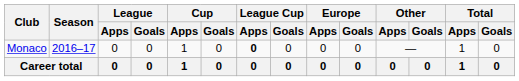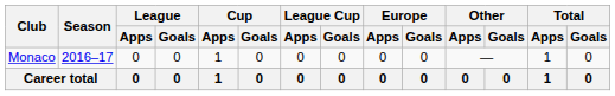 <table class="wikitable" style="font-size:100%; text-align: center;">
 <tr>
 <th rowspan="2">Club</th>
 <th rowspan="2">Season</th>
 <th colspan="2">League</th>
 <th colspan="2">Cup</th>
 <th colspan="2">League Cup</th>
 <th colspan="2">Europe</th>
 <th colspan="2">Other</th>
 <th colspan="2">Total</th>
 </tr>
 <tr>
 <th>Apps</th>
 <th>Goals</th>
 <th>Apps</th>
 <th>Goals</th>
 <th>Apps</th>
 <th>Goals</th>
 <th>Apps</th>
 <th>Goals</th>
 <th>Apps</th>
 <th>Goals</th>
 <th>Apps</th>
 <th>Goals</th>
 </tr>
 <tr>
 <td rowspan="1" valign="center"><a href='#'>Monaco</a></td>
 <td><a href='#'>2016–17</a></td>
 <td>0</td>
 <td>0</td>
 <td>1</td>
 <td>0</td>
-<td><strong>0</strong></td>
+<td>0</td>
 <td>0</td>
 <td>0</td>
 <td>0</td>
 <td colspan="2">—</td>
 <td>1</td>
 <td>0</td>
 </tr>
 <tr>
 <th colspan="2">Career total</th>
 <th>0</th>
 <th>0</th>
 <th>1</th>
 <th>0</th>
 <th>0</th>
 <th>0</th>
 <th>0</th>
 <th>0</th>
 <th>0</th>
 <th>0</th>
 <th>1</th>
 <th>0</th>
 </tr>
 </table>
